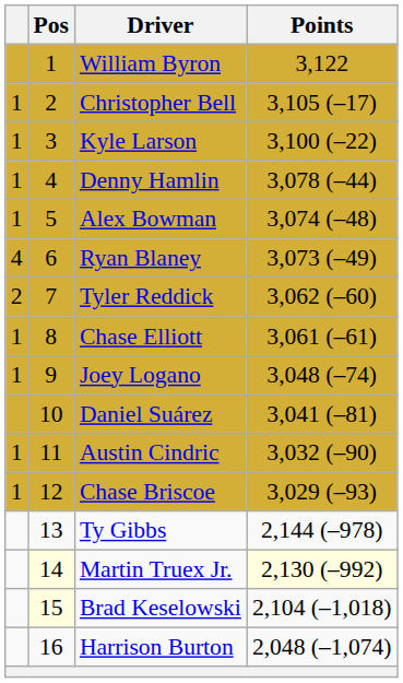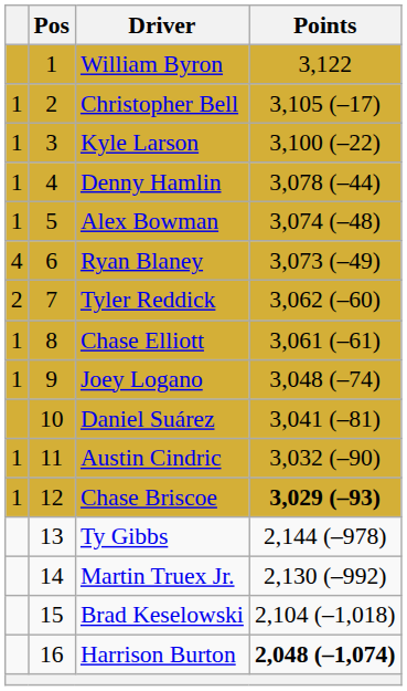 <table class="wikitable" style="font-size: 95%;">
 <tr>
 <th></th>
 <th>Pos</th>
 <th>Driver</th>
 <th>Points</th>
 </tr>
 <tr style="background:#D4AF37;">
 <td align="left"></td>
 <td style="text-align:center;">1</td>
 <td><a href='#'>William Byron</a></td>
 <td style="text-align:center;">3,122</td>
 </tr>
 <tr style="background:#D4AF37;">
 <td align="left"> 1</td>
 <td style="text-align:center;">2</td>
 <td><a href='#'>Christopher Bell</a></td>
 <td style="text-align:center;">3,105 (–17)</td>
 </tr>
 <tr style="background:#D4AF37;">
 <td align="left"> 1</td>
 <td style="text-align:center;">3</td>
 <td><a href='#'>Kyle Larson</a></td>
 <td style="text-align:center;">3,100 (–22)</td>
 </tr>
 <tr style="background:#D4AF37;">
 <td align="left"> 1</td>
 <td style="text-align:center;">4</td>
 <td><a href='#'>Denny Hamlin</a></td>
 <td style="text-align:center;">3,078 (–44)</td>
 </tr>
 <tr style="background:#D4AF37;">
 <td align="left"> 1</td>
 <td style="text-align:center;">5</td>
 <td><a href='#'>Alex Bowman</a></td>
 <td style="text-align:center;">3,074 (–48)</td>
 </tr>
 <tr style="background:#D4AF37;">
 <td align="left"> 4</td>
 <td style="text-align:center;">6</td>
 <td><a href='#'>Ryan Blaney</a></td>
 <td style="text-align:center;">3,073 (–49)</td>
 </tr>
 <tr style="background:#D4AF37;">
 <td align="left"> 2</td>
 <td style="text-align:center;">7</td>
 <td><a href='#'>Tyler Reddick</a></td>
 <td style="text-align:center;">3,062 (–60)</td>
 </tr>
 <tr style="background:#D4AF37;">
 <td align="left"> 1</td>
 <td style="text-align:center;">8</td>
 <td><a href='#'>Chase Elliott</a></td>
 <td style="text-align:center;">3,061 (–61)</td>
 </tr>
 <tr style="background:#D4AF37;">
 <td align="left"> 1</td>
 <td style="text-align:center;">9</td>
 <td><a href='#'>Joey Logano</a></td>
 <td style="text-align:center;">3,048 (–74)</td>
 </tr>
 <tr style="background:#D4AF37;">
 <td align="left"></td>
 <td style="text-align:center;">10</td>
 <td><a href='#'>Daniel Suárez</a></td>
 <td style="text-align:center;">3,041 (–81)</td>
 </tr>
 <tr style="background:#D4AF37;">
 <td align="left"> 1</td>
 <td style="text-align:center;">11</td>
 <td><a href='#'>Austin Cindric</a></td>
 <td style="text-align:center;">3,032 (–90)</td>
 </tr>
 <tr style="background:#D4AF37;">
 <td align="left"> 1</td>
 <td style="text-align:center;">12</td>
 <td><a href='#'>Chase Briscoe</a></td>
-<td style="text-align:center;">3,029 (–93)</td>
+<td style="text-align:center;"><strong>3,029 (–93)</strong></td>
 </tr>
 <tr>
 <td align="left"></td>
 <td style="text-align:center;">13</td>
 <td><a href='#'>Ty Gibbs</a></td>
 <td style="text-align:center;">2,144 (–978)</td>
 </tr>
 <tr>
 <td align="left"></td>
-<td style="background: lightyellow; text-align:center;">14</td>
+<td style="text-align:center;">14</td>
 <td><a href='#'>Martin Truex Jr.</a></td>
-<td style="background: lightyellow; text-align:center;">2,130 (–992)</td>
+<td style="text-align:center;">2,130 (–992)</td>
 </tr>
 <tr>
 <td align="left"></td>
-<td style="background: lightyellow; text-align:center;">15</td>
+<td style="text-align:center;">15</td>
 <td><a href='#'>Brad Keselowski</a></td>
 <td style="text-align:center;">2,104 (–1,018)</td>
 </tr>
 <tr>
 <td align="left"></td>
 <td style="text-align:center;">16</td>
 <td><a href='#'>Harrison Burton</a></td>
-<td style="text-align:center;">2,048 (–1,074)</td>
+<td style="text-align:center;"><strong>2,048 (–1,074)</strong></td>
 </tr>
 <tr class="sortbottom">
 <th colspan="9"></th>
 </tr>
 </table>
